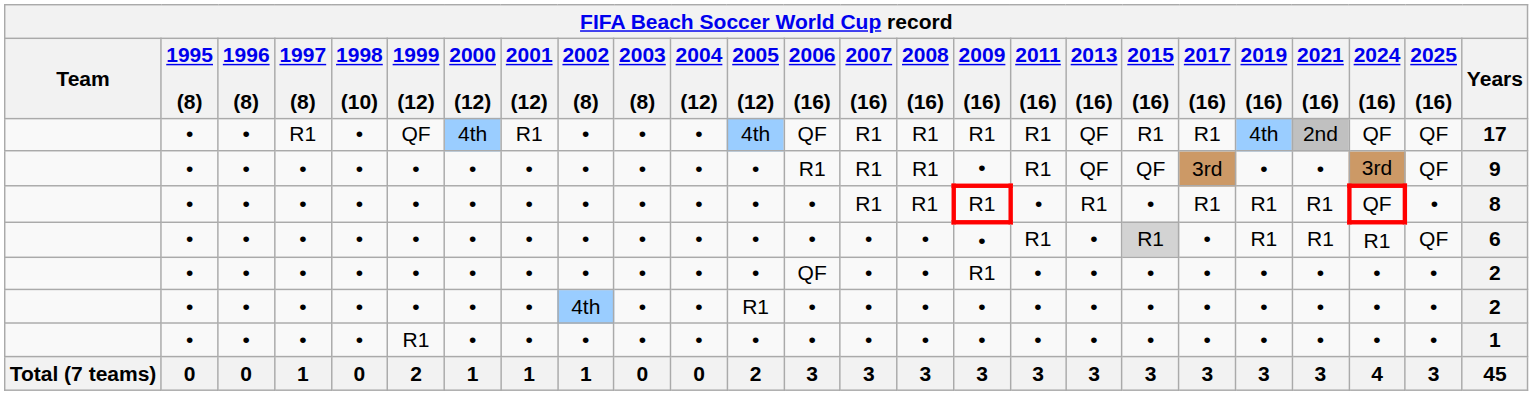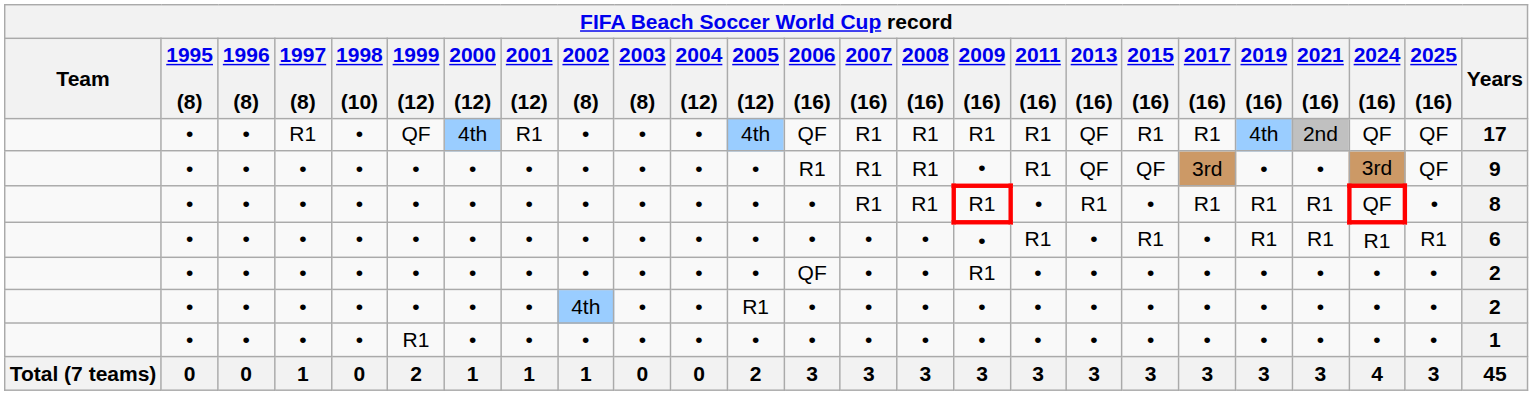 <table class="wikitable" style="text-align:center; font-size:90%;">
 <tr>
 <th colspan=25><a href='#'>FIFA Beach Soccer World Cup</a> record</th>
 </tr>
 <tr>
 <th>Team</th>
 <th><a href='#'>1995</a><br><br>(8)</th>
 <th><a href='#'>1996</a><br><br>(8)</th>
 <th><a href='#'>1997</a><br><br>(8)</th>
 <th><a href='#'>1998</a><br><br>(10)</th>
 <th><a href='#'>1999</a><br><br>(12)</th>
 <th><a href='#'>2000</a><br><br>(12)</th>
 <th><a href='#'>2001</a><br><br>(12)</th>
 <th><a href='#'>2002</a><br><br>(8)</th>
 <th><a href='#'>2003</a><br><br>(8)</th>
 <th><a href='#'>2004</a><br><br>(12)</th>
 <th><a href='#'>2005</a><br><br>(12)</th>
 <th><a href='#'>2006</a><br><br>(16)</th>
 <th><a href='#'>2007</a><br><br>(16)</th>
 <th><a href='#'>2008</a><br><br>(16)</th>
 <th><a href='#'>2009</a><br><br>(16)</th>
 <th><a href='#'>2011</a><br><br>(16)</th>
 <th><a href='#'>2013</a><br><br>(16)</th>
 <th><a href='#'>2015</a><br><br>(16)</th>
 <th><a href='#'>2017</a><br><br>(16)</th>
 <th><a href='#'>2019</a><br><br>(16)</th>
 <th><a href='#'>2021</a><br><br>(16)</th>
 <th><a href='#'>2024</a><br><br>(16)</th>
 <th><a href='#'>2025</a><br><br>(16)</th>
 <th>Years</th>
 </tr>
 <tr>
 <td align=left></td>
 <td>•</td>
 <td>•</td>
 <td>R1</td>
 <td>•</td>
 <td>QF</td>
 <td bgcolor=9acdff>4th</td>
 <td>R1</td>
 <td>•</td>
 <td>•</td>
 <td>•</td>
 <td bgcolor=9acdff>4th</td>
 <td>QF</td>
 <td>R1</td>
 <td>R1</td>
 <td>R1</td>
 <td>R1</td>
 <td>QF</td>
 <td>R1</td>
 <td>R1</td>
 <td bgcolor=9acdff>4th</td>
 <td bgcolor=silver>2nd</td>
 <td>QF</td>
 <td>QF</td>
 <th>17</th>
 </tr>
 <tr>
 <td align=left></td>
 <td>•</td>
 <td>•</td>
 <td>•</td>
 <td>•</td>
 <td>•</td>
 <td>•</td>
 <td>•</td>
 <td>•</td>
 <td>•</td>
 <td>•</td>
 <td>•</td>
 <td>R1</td>
 <td>R1</td>
 <td>R1</td>
 <td>•</td>
 <td>R1</td>
 <td>QF</td>
 <td>QF</td>
 <td bgcolor=#cc9966>3rd</td>
 <td>•</td>
 <td>•</td>
 <td bgcolor=#cc9966>3rd</td>
 <td>QF</td>
 <th>9</th>
 </tr>
 <tr>
 <td align=left></td>
 <td>•</td>
 <td>•</td>
 <td>•</td>
 <td>•</td>
 <td>•</td>
 <td>•</td>
 <td>•</td>
 <td>•</td>
 <td>•</td>
 <td>•</td>
 <td>•</td>
 <td>•</td>
 <td>R1</td>
 <td>R1</td>
 <td style="border: 3px solid red">R1</td>
 <td>•</td>
 <td>R1</td>
 <td>•</td>
 <td>R1</td>
 <td>R1</td>
 <td>R1</td>
 <td style="border: 3px solid red">QF</td>
 <td>•</td>
 <th>8</th>
 </tr>
 <tr>
 <td align=left></td>
 <td>•</td>
 <td>•</td>
 <td>•</td>
 <td>•</td>
 <td>•</td>
 <td>•</td>
 <td>•</td>
 <td>•</td>
 <td>•</td>
 <td>•</td>
 <td>•</td>
 <td>•</td>
 <td>•</td>
 <td>•</td>
 <td>•</td>
 <td>R1</td>
 <td>•</td>
-<td style="background: lightgrey;">R1</td>
+<td>R1</td>
 <td>•</td>
 <td>R1</td>
 <td>R1</td>
 <td>R1</td>
-<td>QF</td>
+<td>R1</td>
 <th>6</th>
 </tr>
 <tr>
 <td align=left></td>
 <td>•</td>
 <td>•</td>
 <td>•</td>
 <td>•</td>
 <td>•</td>
 <td>•</td>
 <td>•</td>
 <td>•</td>
 <td>•</td>
 <td>•</td>
 <td>•</td>
 <td>QF</td>
 <td>•</td>
 <td>•</td>
 <td>R1</td>
 <td>•</td>
 <td>•</td>
 <td>•</td>
 <td>•</td>
 <td>•</td>
 <td>•</td>
 <td>•</td>
 <td>•</td>
 <th>2</th>
 </tr>
 <tr>
 <td align=left></td>
 <td>•</td>
 <td>•</td>
 <td>•</td>
 <td>•</td>
 <td>•</td>
 <td>•</td>
 <td>•</td>
 <td bgcolor=9acdff>4th</td>
 <td>•</td>
 <td>•</td>
 <td>R1</td>
 <td>•</td>
 <td>•</td>
 <td>•</td>
 <td>•</td>
 <td>•</td>
 <td>•</td>
 <td>•</td>
 <td>•</td>
 <td>•</td>
 <td>•</td>
 <td>•</td>
 <td>•</td>
 <th>2</th>
 </tr>
 <tr>
 <td align=left></td>
 <td>•</td>
 <td>•</td>
 <td>•</td>
 <td>•</td>
 <td>R1</td>
 <td>•</td>
 <td>•</td>
 <td>•</td>
 <td>•</td>
 <td>•</td>
 <td>•</td>
 <td>•</td>
 <td>•</td>
 <td>•</td>
 <td>•</td>
 <td>•</td>
 <td>•</td>
 <td>•</td>
 <td>•</td>
 <td>•</td>
 <td>•</td>
 <td>•</td>
 <td>•</td>
 <th>1</th>
 </tr>
 <tr>
 <th align=centre>Total (7 teams)</th>
 <th>0</th>
 <th>0</th>
 <th>1</th>
 <th>0</th>
 <th>2</th>
 <th>1</th>
 <th>1</th>
 <th>1</th>
 <th>0</th>
 <th>0</th>
 <th>2</th>
 <th>3</th>
 <th>3</th>
 <th>3</th>
 <th>3</th>
 <th>3</th>
 <th>3</th>
 <th>3</th>
 <th>3</th>
 <th>3</th>
 <th>3</th>
 <th>4</th>
 <th>3</th>
 <th>45</th>
 </tr>
 </table>
